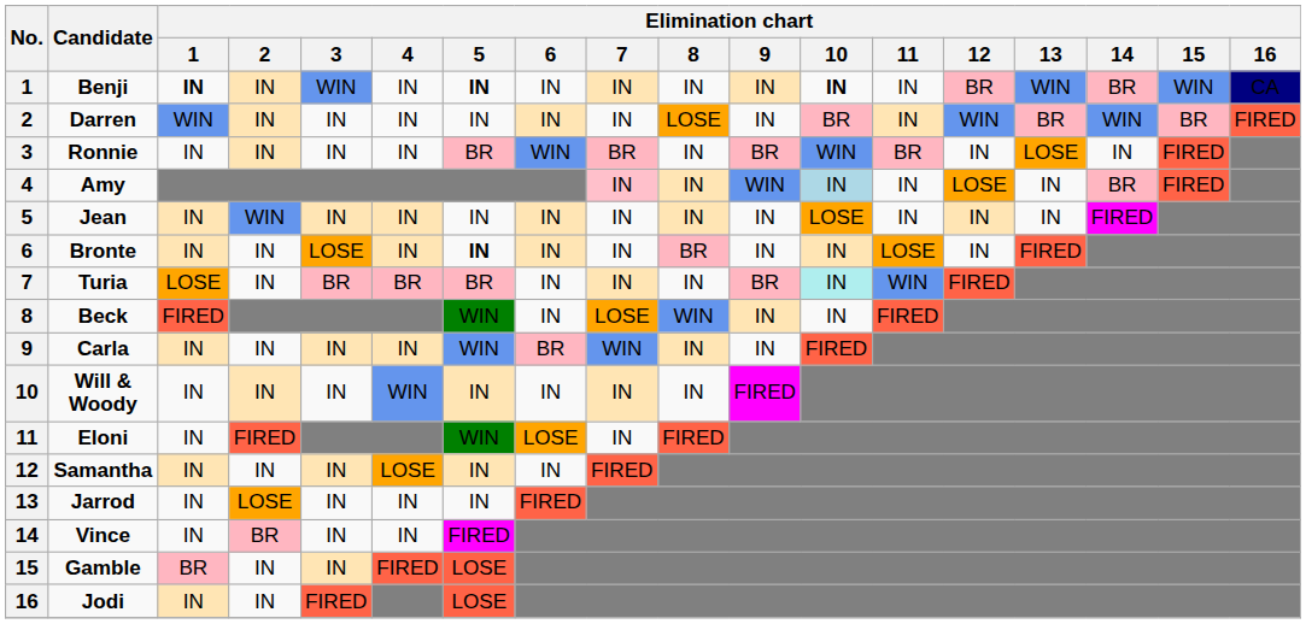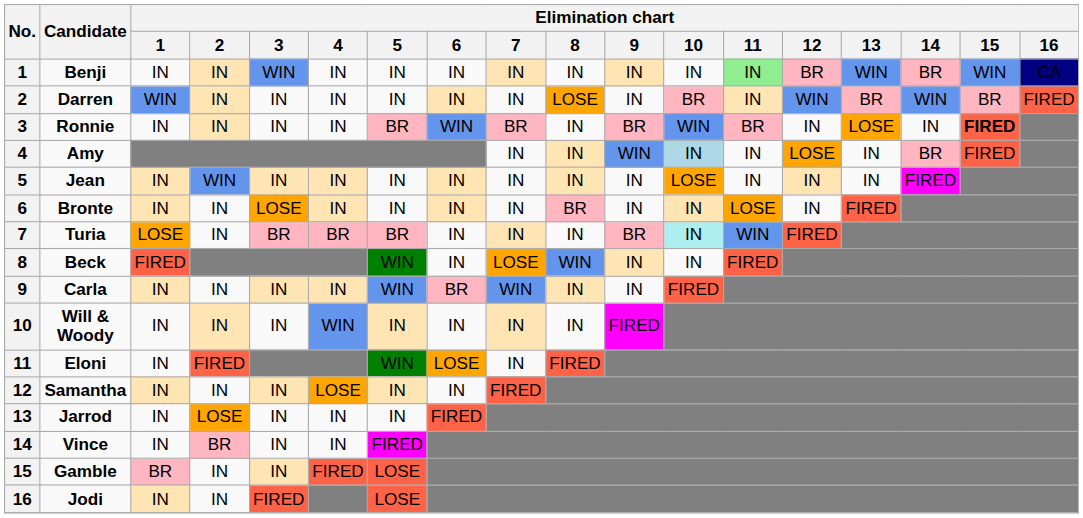 <table class="wikitable" style="text-align:center;">
 <tr>
 <th rowspan="2">No.</th>
 <th rowspan="2">Candidate</th>
 <th colspan="17">Elimination chart</th>
 </tr>
 <tr>
 <th>1</th>
 <th>2</th>
 <th>3</th>
 <th>4</th>
 <th>5</th>
 <th>6</th>
 <th>7</th>
 <th>8</th>
 <th>9</th>
 <th>10</th>
 <th>11</th>
 <th>12</th>
 <th>13</th>
 <th>14</th>
 <th>15</th>
 <th>16</th>
 </tr>
 <tr>
 <th>1</th>
 <td><strong>Benji</strong></td>
-<td><strong>IN</strong></td>
+<td>IN</td>
 <td style="background:#FFE5B4;">IN</td>
 <td style="background:cornflowerblue;">WIN</td>
 <td>IN</td>
-<td><strong>IN</strong></td>
+<td>IN</td>
 <td>IN</td>
 <td style="background:#FFE5B4;">IN</td>
 <td>IN</td>
 <td style="background:#FFE5B4;">IN</td>
-<td><strong>IN</strong></td>
 <td>IN</td>
+<td style="background: lightgreen;">IN</td>
 <td style="background:lightpink;">BR</td>
 <td style="background:cornflowerblue;">WIN</td>
 <td style="background:lightpink;">BR</td>
 <td style="background:cornflowerblue;">WIN</td>
 <td bgcolor="navy"><span> CA </span></td>
 </tr>
 <tr>
 <th>2</th>
 <td><strong>Darren</strong></td>
 <td style="background:cornflowerblue;">WIN</td>
 <td style="background:#FFE5B4;">IN</td>
 <td>IN</td>
 <td>IN</td>
 <td>IN</td>
 <td style="background:#FFE5B4;">IN</td>
 <td>IN</td>
 <td style="background:orange;">LOSE</td>
 <td>IN</td>
 <td style="background:lightpink;">BR</td>
 <td style="background:#FFE5B4;">IN</td>
 <td style="background:cornflowerblue;">WIN</td>
 <td style="background:lightpink;">BR</td>
 <td style="background:cornflowerblue;">WIN</td>
 <td style="background:lightpink;">BR</td>
 <td style="background:tomato;">FIRED</td>
 </tr>
 <tr>
 <th>3</th>
 <td><strong>Ronnie</strong></td>
 <td>IN</td>
 <td style="background:#FFE5B4;">IN</td>
 <td>IN</td>
 <td>IN</td>
 <td style="background:lightpink;">BR</td>
 <td style="background:cornflowerblue;">WIN</td>
 <td style="background:lightpink;">BR</td>
 <td>IN</td>
 <td style="background:lightpink;">BR</td>
 <td style="background:cornflowerblue;">WIN</td>
 <td style="background:lightpink;">BR</td>
 <td>IN</td>
 <td style="background:orange;">LOSE</td>
 <td>IN</td>
-<td style="background:tomato;">FIRED</td>
+<td style="background:tomato;"><strong>FIRED</strong></td>
 <td bgcolor=gray></td>
 </tr>
 <tr>
 <th>4</th>
 <td><strong>Amy</strong></td>
 <td colspan="6" bgcolor="grey"></td>
-<td style="background: pink;">IN</td>
+<td>IN</td>
 <td style="background:#FFE5B4;">IN</td>
 <td style="background:cornflowerblue;">WIN</td>
 <td style="background:lightblue;">IN</td>
 <td>IN</td>
 <td style="background:orange;">LOSE</td>
 <td>IN</td>
 <td style="background:lightpink;">BR</td>
 <td style="background:tomato;">FIRED</td>
 <td bgcolor=gray></td>
 </tr>
 <tr>
 <th>5</th>
 <td><strong>Jean</strong></td>
 <td style="background:#FFE5B4;">IN</td>
 <td style="background:cornflowerblue;">WIN</td>
 <td style="background:#FFE5B4;">IN</td>
 <td style="background:#FFE5B4;">IN</td>
 <td>IN</td>
 <td style="background:#FFE5B4;">IN</td>
 <td>IN</td>
 <td style="background:#FFE5B4;">IN</td>
 <td>IN</td>
 <td style="background:orange;">LOSE</td>
 <td>IN</td>
 <td style="background:#FFE5B4;">IN</td>
 <td>IN</td>
 <td style="background:magenta;">FIRED</td>
 <td colspan="2" bgcolor=gray></td>
 </tr>
 <tr>
 <th>6</th>
 <td><strong>Bronte</strong></td>
 <td style="background:#FFE5B4;">IN</td>
 <td>IN</td>
 <td style="background:orange;">LOSE</td>
 <td style="background:#FFE5B4;">IN</td>
-<td><strong>IN</strong></td>
+<td>IN</td>
 <td style="background:#FFE5B4;">IN</td>
 <td>IN</td>
 <td style="background:lightpink;">BR</td>
 <td>IN</td>
 <td style="background:#FFE5B4;">IN</td>
 <td style="background:orange;">LOSE</td>
 <td>IN</td>
 <td style="background:tomato;">FIRED</td>
 <td colspan="3" bgcolor=gray></td>
 </tr>
 <tr>
 <th>7</th>
 <td><strong>Turia</strong></td>
 <td style="background:orange;">LOSE</td>
 <td>IN</td>
 <td style="background:lightpink;">BR</td>
 <td style="background:lightpink;">BR</td>
 <td style="background:lightpink;">BR</td>
 <td>IN</td>
 <td style="background:#FFE5B4;">IN</td>
 <td>IN</td>
 <td style="background:lightpink;">BR</td>
 <td style="background: paleturquoise;">IN</td>
 <td style="background:cornflowerblue;">WIN</td>
 <td style="background:tomato;">FIRED</td>
 <td colspan="4" bgcolor=gray></td>
 </tr>
 <tr>
 <th>8</th>
 <td><strong>Beck</strong></td>
 <td style="background:tomato;">FIRED</td>
 <td colspan="3" bgcolor=gray></td>
 <td style="background:green;">WIN</td>
 <td>IN</td>
 <td style="background:orange;">LOSE</td>
 <td style="background:cornflowerblue;">WIN</td>
 <td style="background:#FFE5B4;">IN</td>
 <td>IN</td>
 <td style="background:tomato;">FIRED</td>
 <td colspan="5" bgcolor=gray></td>
 </tr>
 <tr>
 <th>9</th>
 <td><strong>Carla</strong></td>
 <td style="background:#FFE5B4;">IN</td>
 <td>IN</td>
 <td style="background:#FFE5B4;">IN</td>
 <td style="background:#FFE5B4;">IN</td>
 <td style="background:cornflowerblue;">WIN</td>
 <td style="background:lightpink;">BR</td>
 <td style="background:cornflowerblue;">WIN</td>
 <td style="background:#FFE5B4;">IN</td>
 <td>IN</td>
 <td style="background:tomato;">FIRED</td>
 <td colspan="6" bgcolor=gray></td>
 </tr>
 <tr>
 <th>10</th>
 <td><strong>Will & Woody</strong></td>
 <td>IN</td>
 <td style="background:#FFE5B4;">IN</td>
 <td>IN</td>
 <td style="background:cornflowerblue;">WIN</td>
 <td style="background:#FFE5B4;">IN</td>
 <td>IN</td>
 <td style="background:#FFE5B4;">IN</td>
 <td>IN</td>
 <td style="background:magenta;">FIRED</td>
 <td colspan="7" bgcolor=gray></td>
 </tr>
 <tr>
 <th>11</th>
 <td><strong>Eloni</strong></td>
 <td>IN</td>
 <td style="background:tomato;">FIRED</td>
 <td colspan="2" bgcolor=gray></td>
 <td style="background:green;">WIN</td>
 <td style="background:orange;">LOSE</td>
 <td>IN</td>
 <td style="background:tomato;">FIRED</td>
 <td colspan="8" bgcolor=gray></td>
 </tr>
 <tr>
 <th>12</th>
 <td><strong>Samantha</strong></td>
 <td style="background:#FFE5B4;">IN</td>
 <td>IN</td>
 <td style="background:#FFE5B4;">IN</td>
 <td style="background:orange;">LOSE</td>
 <td style="background:#FFE5B4;">IN</td>
 <td>IN</td>
 <td style="background:tomato;">FIRED</td>
 <td colspan="9" bgcolor=gray></td>
 </tr>
 <tr>
 <th>13</th>
 <td><strong>Jarrod</strong></td>
 <td>IN</td>
 <td style="background:orange;">LOSE</td>
 <td>IN</td>
 <td>IN</td>
 <td>IN</td>
 <td style="background:tomato;">FIRED</td>
 <td colspan="10" bgcolor=gray></td>
 </tr>
 <tr>
 <th>14</th>
 <td><strong>Vince</strong></td>
 <td>IN</td>
 <td style="background:lightpink;">BR</td>
 <td>IN</td>
 <td>IN</td>
 <td style="background:magenta;">FIRED</td>
 <td colspan="11" bgcolor=gray></td>
 </tr>
 <tr>
 <th>15</th>
 <td><strong>Gamble</strong></td>
 <td style="background:lightpink;">BR</td>
 <td>IN</td>
 <td style="background:#FFE5B4;">IN</td>
 <td style="background:tomato;">FIRED</td>
 <td style="background:tomato;">LOSE</td>
 <td colspan="11" bgcolor=gray></td>
 </tr>
 <tr>
 <th>16</th>
 <td><strong>Jodi</strong></td>
 <td style="background:#FFE5B4;">IN</td>
 <td>IN</td>
 <td style="background:tomato;">FIRED</td>
 <td colspan="1" bgcolor=gray></td>
 <td style="background:tomato;">LOSE</td>
 <td colspan="11" bgcolor=gray></td>
 </tr>
 <tr>
 </tr>
 </table>
